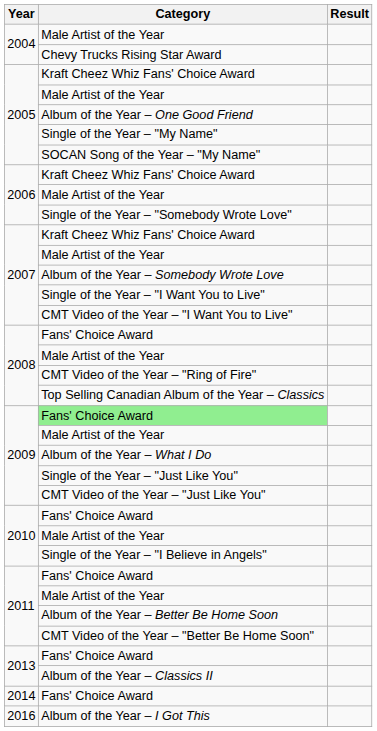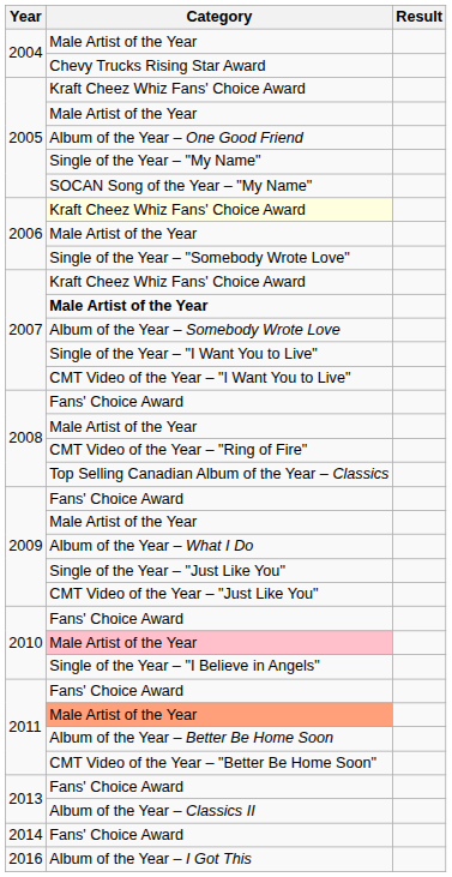 <table class="wikitable">
 <tr>
 <th>Year</th>
 <th>Category</th>
 <th>Result</th>
 </tr>
 <tr>
 <td rowspan="2">2004</td>
 <td>Male Artist of the Year</td>
 <td></td>
 </tr>
 <tr>
 <td>Chevy Trucks Rising Star Award</td>
 <td></td>
 </tr>
 <tr>
 <td rowspan="5">2005</td>
 <td>Kraft Cheez Whiz Fans' Choice Award</td>
 <td></td>
 </tr>
 <tr>
 <td>Male Artist of the Year</td>
 <td></td>
 </tr>
 <tr>
 <td>Album of the Year – <em>One Good Friend</em></td>
 <td></td>
 </tr>
 <tr>
 <td>Single of the Year – "My Name"</td>
 <td></td>
 </tr>
 <tr>
 <td>SOCAN Song of the Year – "My Name"</td>
 <td></td>
 </tr>
 <tr>
 <td rowspan="3">2006</td>
-<td>Kraft Cheez Whiz Fans' Choice Award</td>
+<td style="background: lightyellow;">Kraft Cheez Whiz Fans' Choice Award</td>
 <td></td>
 </tr>
 <tr>
 <td>Male Artist of the Year</td>
 <td></td>
 </tr>
 <tr>
 <td>Single of the Year – "Somebody Wrote Love"</td>
 <td></td>
 </tr>
 <tr>
 <td rowspan="5">2007</td>
 <td>Kraft Cheez Whiz Fans' Choice Award</td>
 <td></td>
 </tr>
 <tr>
-<td>Male Artist of the Year</td>
+<td><strong>Male Artist of the Year</strong></td>
 <td></td>
 </tr>
 <tr>
 <td>Album of the Year – <em>Somebody Wrote Love</em></td>
 <td></td>
 </tr>
 <tr>
 <td>Single of the Year – "I Want You to Live"</td>
 <td></td>
 </tr>
 <tr>
 <td>CMT Video of the Year – "I Want You to Live"</td>
 <td></td>
 </tr>
 <tr>
 <td rowspan="4">2008</td>
 <td>Fans' Choice Award</td>
 <td></td>
 </tr>
 <tr>
 <td>Male Artist of the Year</td>
 <td></td>
 </tr>
 <tr>
 <td>CMT Video of the Year – "Ring of Fire"</td>
 <td></td>
 </tr>
 <tr>
 <td>Top Selling Canadian Album of the Year – <em>Classics</em></td>
 <td></td>
 </tr>
 <tr>
 <td rowspan="5">2009</td>
-<td style="background: lightgreen;">Fans' Choice Award</td>
+<td>Fans' Choice Award</td>
 <td></td>
 </tr>
 <tr>
 <td>Male Artist of the Year</td>
 <td></td>
 </tr>
 <tr>
 <td>Album of the Year – <em>What I Do</em></td>
 <td></td>
 </tr>
 <tr>
 <td>Single of the Year – "Just Like You"</td>
 <td></td>
 </tr>
 <tr>
 <td>CMT Video of the Year – "Just Like You"</td>
 <td></td>
 </tr>
 <tr>
 <td rowspan="3">2010</td>
 <td>Fans' Choice Award</td>
 <td></td>
 </tr>
 <tr>
-<td>Male Artist of the Year</td>
+<td style="background: pink;">Male Artist of the Year</td>
 <td></td>
 </tr>
 <tr>
 <td>Single of the Year – "I Believe in Angels"</td>
 <td></td>
 </tr>
 <tr>
 <td rowspan="4">2011</td>
 <td>Fans' Choice Award</td>
 <td></td>
 </tr>
 <tr>
-<td>Male Artist of the Year</td>
+<td style="background: lightsalmon;">Male Artist of the Year</td>
 <td></td>
 </tr>
 <tr>
 <td>Album of the Year – <em>Better Be Home Soon</em></td>
 <td></td>
 </tr>
 <tr>
 <td>CMT Video of the Year – "Better Be Home Soon"</td>
 <td></td>
 </tr>
 <tr>
 <td rowspan="2">2013</td>
 <td>Fans' Choice Award</td>
 <td></td>
 </tr>
 <tr>
 <td>Album of the Year – <em>Classics II</em></td>
 <td></td>
 </tr>
 <tr>
 <td>2014</td>
 <td>Fans' Choice Award</td>
 <td></td>
 </tr>
 <tr>
 <td>2016</td>
 <td>Album of the Year – <em>I Got This</em></td>
 <td></td>
 </tr>
 </table>
